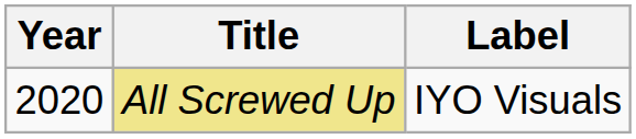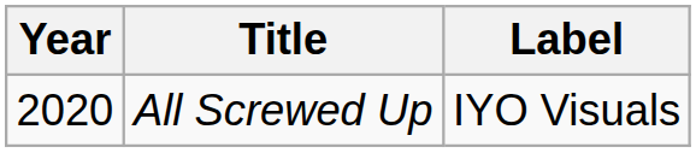 <table class="wikitable">
 <tr>
 <th>Year</th>
 <th>Title</th>
 <th>Label</th>
 </tr>
 <tr>
 <td>2020</td>
-<td style="background: khaki;"><em>All Screwed Up</em></td>
+<td><em>All Screwed Up</em></td>
 <td>IYO Visuals</td>
 </tr>
 </table>
